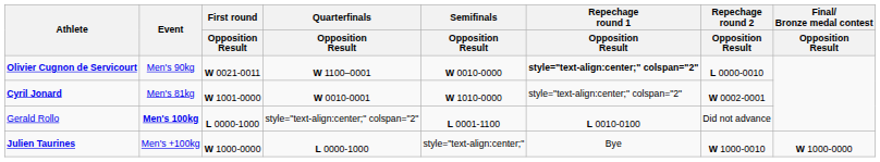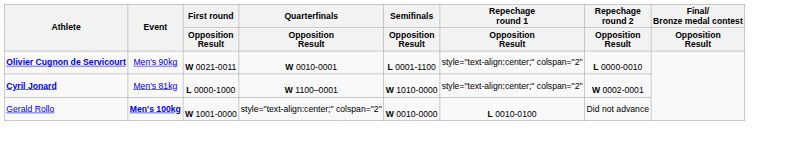 <table class=wikitable style="font-size:90%">
 <tr>
 <th rowspan="2">Athlete</th>
 <th rowspan="2">Event</th>
 <th>First round</th>
 <th>Quarterfinals</th>
 <th>Semifinals</th>
 <th>Repechage <br>round 1</th>
 <th>Repechage <br>round 2</th>
 <th>Final/<br>Bronze medal contest</th>
 </tr>
 <tr>
 <th>Opposition<br>Result</th>
 <th>Opposition<br>Result</th>
 <th>Opposition<br>Result</th>
 <th>Opposition<br>Result</th>
 <th>Opposition<br>Result</th>
 <th>Opposition<br>Result</th>
 </tr>
 <tr>
 <td><strong><a href='#'>Olivier Cugnon de Servicourt</a></strong></td>
 <td style="text-align:center;"><a href='#'>Men's 90kg</a></td>
 <td style="text-align:center;"><br> <strong>W</strong> 0021-0011</td>
-<td style="text-align:center;"><br> <strong>W</strong> 1100–0001</td>
-<td style="text-align:center;"><br> <strong>W</strong> 0010-0000</td>
-<td><strong>style="text-align:center;" colspan="2" </strong></td>
+<td style="text-align:center;"><br> <strong>W</strong> 0010-0001</td>
+<td style="text-align:center;"><br> <strong>L</strong> 0001-1100</td>
+<td>style="text-align:center;" colspan="2" </td>
 <td style="text-align:center;"><br> <strong>L</strong> 0000-0010 </td>
 </tr>
 <tr>
 <td><strong><a href='#'>Cyril Jonard</a></strong></td>
 <td style="text-align:center;"><a href='#'>Men's 81kg</a></td>
-<td style="text-align:center;"><br> <strong>W</strong> 1001-0000</td>
-<td style="text-align:center;"><br> <strong>W</strong> 0010-0001</td>
+<td style="text-align:center;"><br> <strong>L</strong> 0000-1000</td>
+<td style="text-align:center;"><br> <strong>W</strong> 1100–0001</td>
 <td style="text-align:center;"><br> <strong>W</strong> 1010-0000</td>
 <td>style="text-align:center;" colspan="2" </td>
 <td style="text-align:center;"><br> <strong>W</strong> 0002-0001 </td>
 </tr>
 <tr>
 <td><a href='#'>Gerald Rollo</a></td>
 <td style="text-align:center;"><strong><a href='#'>Men's 100kg</a></strong></td>
-<td style="text-align:center;"><br> <strong>L</strong> 0000-1000</td>
+<td style="text-align:center;"><br> <strong>W</strong> 1001-0000</td>
 <td>style="text-align:center;" colspan="2" </td>
-<td style="text-align:center;"><br> <strong>L</strong> 0001-1100</td>
+<td style="text-align:center;"><br> <strong>W</strong> 0010-0000</td>
 <td style="text-align:center;"><br> <strong>L</strong> 0010-0100</td>
 <td style="text-align:center;">Did not advance</td>
 </tr>
-<tr>
-<td><strong><a href='#'>Julien Taurines</a></strong></td>
-<td style="text-align:center;"><a href='#'>Men's +100kg</a></td>
-<td style="text-align:center;"><br> <strong>W</strong> 1000-0000</td>
-<td style="text-align:center;"><br> <strong>L</strong> 0000-1000</td>
-<td>style="text-align:center;" </td>
-<td style="text-align:center;">Bye</td>
-<td style="text-align:center;"><br> <strong>W</strong> 1000-0010</td>
-<td style="text-align:center;"><br> <strong>W</strong> 1000-0000 </td>
-</tr>
 </table>
